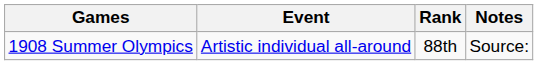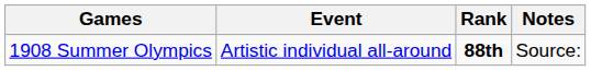 <table class="wikitable" style=" text-align:center;">
 <tr>
 <th>Games</th>
 <th>Event</th>
 <th>Rank</th>
 <th>Notes</th>
 </tr>
 <tr>
 <td><a href='#'>1908 Summer Olympics</a></td>
 <td><a href='#'>Artistic individual all-around</a></td>
-<td>88th</td>
+<td><strong>88th</strong></td>
 <td>Source: </td>
 </tr>
 </table>
